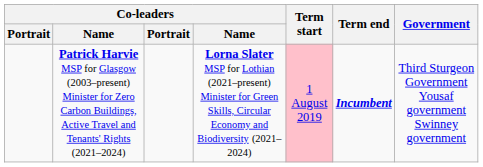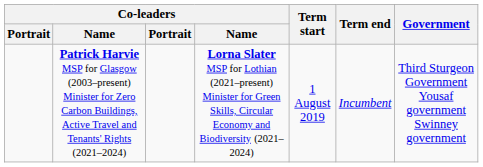 <table class="wikitable" style="text-align:center">
 <tr>
 <th colspan="4">Co-leaders</th>
 <th rowspan="2">Term start</th>
 <th rowspan="2">Term end</th>
 <th rowspan="2"><a href='#'>Government</a></th>
 </tr>
 <tr>
 <th>Portrait</th>
 <th>Name</th>
 <th>Portrait</th>
 <th>Name</th>
 </tr>
 <tr>
 <td></td>
 <td><strong><a href='#'>Patrick Harvie</a></strong><br><small><a href='#'>MSP</a> for <a href='#'>Glasgow</a> (2003–present)</small> <br><a href='#'><small>Minister for Zero Carbon Buildings, Active Travel and Tenants' Rights</small></a> <small>(2021–2024)</small></td>
 <td></td>
 <td><strong><a href='#'>Lorna Slater</a></strong><br><small><a href='#'>MSP</a> for <a href='#'>Lothian</a> (2021–present)</small> <br><a href='#'><small>Minister for Green Skills, Circular Economy and Biodiversity</small></a>  <small>(2021–2024)</small></td>
-<td style="background: pink;"><a href='#'>1 August 2019</a></td>
-<td><strong><em><a href='#'>Incumbent</a></em></strong></td>
+<td><a href='#'>1 August 2019</a></td>
+<td><em><a href='#'>Incumbent</a></em></td>
 <td><a href='#'>Third Sturgeon Government</a><br><a href='#'>Yousaf government</a><br><a href='#'>Swinney government</a></td>
 </tr>
 </table>
